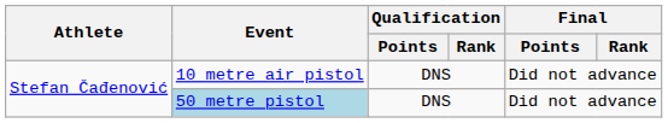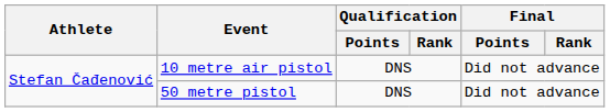 <table class="wikitable" style="font-size:90%;">
 <tr>
 <th rowspan=2>Athlete</th>
 <th rowspan=2>Event</th>
 <th colspan=2>Qualification</th>
 <th colspan=2>Final</th>
 </tr>
 <tr>
 <th>Points</th>
 <th>Rank</th>
 <th>Points</th>
 <th>Rank</th>
 </tr>
 <tr align=center>
 <td rowspan=2><a href='#'>Stefan Čađenović</a></td>
 <td align=left><a href='#'>10 metre air pistol</a></td>
 <td colspan=2 align=center>DNS</td>
 <td colspan=2 align=center>Did not advance</td>
 </tr>
 <tr align=center>
-<td align=left style="background: lightblue;"><a href='#'>50 metre pistol</a></td>
+<td align=left><a href='#'>50 metre pistol</a></td>
 <td colspan=2 align=center>DNS</td>
 <td colspan=2 align=center>Did not advance</td>
 </tr>
 </table>
